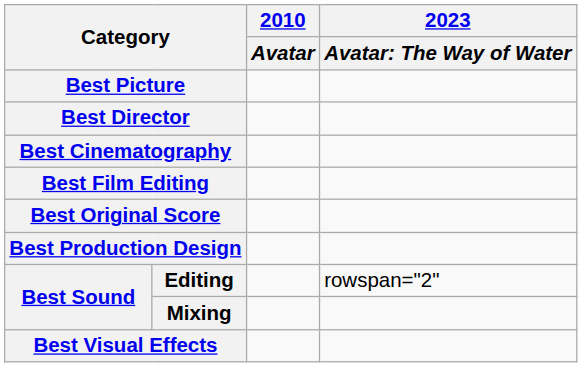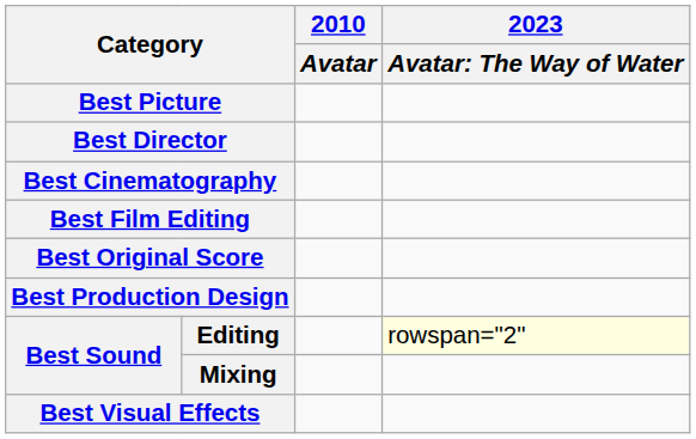 <table class="wikitable plainrowheaders">
 <tr>
 <th colspan="2" rowspan="2" scope="col">Category</th>
 <th scope="col"><a href='#'>2010</a></th>
 <th scope="col"><a href='#'>2023</a></th>
 </tr>
 <tr>
 <th><em>Avatar</em></th>
 <th><em>Avatar: The Way of Water</em></th>
 </tr>
 <tr>
 <th colspan="2" scope="row"><a href='#'>Best Picture</a></th>
 <td></td>
 <td></td>
 </tr>
 <tr>
 <th colspan="2" scope="row"><a href='#'>Best Director</a></th>
 <td></td>
 <td></td>
 </tr>
 <tr>
 <th colspan="2" scope="row"><a href='#'>Best Cinematography</a></th>
 <td></td>
 <td></td>
 </tr>
 <tr>
 <th colspan="2" scope="row"><a href='#'>Best Film Editing</a></th>
 <td></td>
 <td></td>
 </tr>
 <tr>
 <th colspan="2" scope="row"><a href='#'>Best Original Score</a></th>
 <td></td>
 <td></td>
 </tr>
 <tr>
 <th colspan="2" scope="row"><a href='#'>Best Production Design</a></th>
 <td></td>
 <td></td>
 </tr>
 <tr>
 <th rowspan="2" scope="row"><a href='#'>Best Sound</a></th>
 <th scope="row">Editing</th>
 <td></td>
-<td>rowspan="2" </td>
+<td style="background: lightyellow;">rowspan="2" </td>
 </tr>
 <tr>
 <th scope="row">Mixing</th>
 <td></td>
 </tr>
 <tr>
 <th colspan="2" scope="row"><a href='#'>Best Visual Effects</a></th>
 <td></td>
 <td></td>
 </tr>
 </table>
